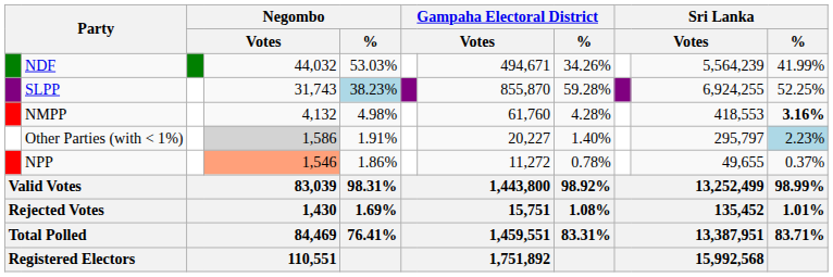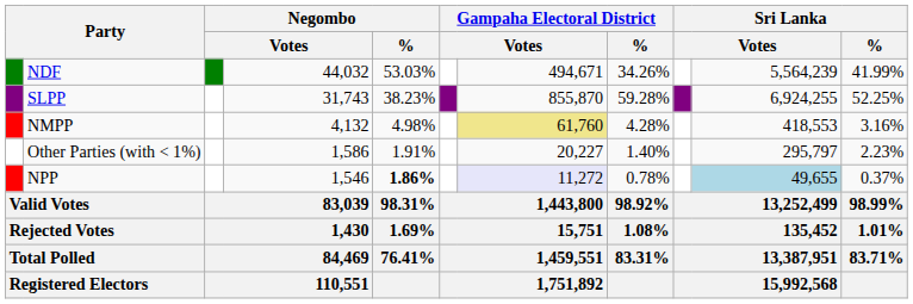 <table class="wikitable">
 <tr>
 <th colspan="2" width="144px"rowspan="2">Party</th>
 <th colspan="3" width="216px">Negombo</th>
 <th colspan="3" width="216px"><a href='#'>Gampaha Electoral District</a></th>
 <th colspan="3" width="216px">Sri Lanka</th>
 </tr>
 <tr>
 <th colspan="2" width="144px">Votes</th>
 <th>%</th>
 <th colspan="2" width="144px">Votes</th>
 <th>%</th>
 <th colspan="2" width="144px">Votes</th>
 <th>%</th>
 </tr>
 <tr>
 <td style="background-color:green;" width="10px"></td>
 <td style="text-align:left;"><a href='#'>NDF</a></td>
 <td style="background-color:green;" width="10px"></td>
 <td style="text-align:right;">44,032</td>
 <td style="text-align:right;">53.03%</td>
 <td style="background-color:white;" width="10px"></td>
 <td style="text-align:right;">494,671</td>
 <td style="text-align:right;">34.26%</td>
 <td style="background-color:white;" width="10px"></td>
 <td style="text-align:right;">5,564,239</td>
 <td style="text-align:right;">41.99%</td>
 </tr>
 <tr>
 <td style="background-color:purple;" width="10px"></td>
 <td style="text-align:left;"><a href='#'>SLPP</a></td>
 <td style="background-color:white;" width="10px"></td>
 <td style="text-align:right;">31,743</td>
-<td style="background: lightblue; text-align:right;">38.23%</td>
+<td style="text-align:right;">38.23%</td>
 <td style="background-color:purple;" width="10px"></td>
 <td style="text-align:right;">855,870</td>
 <td style="text-align:right;">59.28%</td>
 <td style="background-color:purple;" width="10px"></td>
 <td style="text-align:right;">6,924,255</td>
 <td style="text-align:right;">52.25%</td>
 </tr>
 <tr>
 <td style="background-color:red;" width="10px"></td>
 <td style="text-align:left;">NMPP</td>
 <td style="background-color:white;" width="10px"></td>
 <td style="text-align:right;">4,132</td>
 <td style="text-align:right;">4.98%</td>
 <td style="background-color:white;" width="10px"></td>
-<td style="text-align:right;">61,760</td>
+<td style="background: khaki; text-align:right;">61,760</td>
 <td style="text-align:right;">4.28%</td>
 <td style="background-color:white;" width="10px"></td>
 <td style="text-align:right;">418,553</td>
-<td style="text-align:right;"><strong>3.16%</strong></td>
+<td style="text-align:right;">3.16%</td>
 </tr>
 <tr>
 <td style="background-color:white;" width="10px"></td>
 <td style="text-align:left;">Other Parties (with < 1%)</td>
 <td style="background-color:white;" width="10px"></td>
-<td style="background: lightgrey; text-align:right;">1,586</td>
+<td style="text-align:right;">1,586</td>
 <td style="text-align:right;">1.91%</td>
 <td style="background-color:white;" width="10px"></td>
 <td style="text-align:right;">20,227</td>
 <td style="text-align:right;">1.40%</td>
 <td style="background-color:white;" width="10px"></td>
 <td style="text-align:right;">295,797</td>
-<td style="background: lightblue; text-align:right;">2.23%</td>
+<td style="text-align:right;">2.23%</td>
 </tr>
 <tr>
 <td style="background-color:red;" width="10px"></td>
 <td style="text-align:left;">NPP</td>
 <td style="background-color:white;" width="10px"></td>
-<td style="background: lightsalmon; text-align:right;">1,546</td>
-<td style="text-align:right;">1.86%</td>
+<td style="text-align:right;">1,546</td>
+<td style="text-align:right;"><strong>1.86%</strong></td>
 <td style="background-color:white;" width="10px"></td>
-<td style="text-align:right;">11,272</td>
+<td style="background: lavender; text-align:right;">11,272</td>
 <td style="text-align:right;">0.78%</td>
 <td style="background-color:white;" width="10px"></td>
-<td style="text-align:right;">49,655</td>
+<td style="background: lightblue; text-align:right;">49,655</td>
 <td style="text-align:right;">0.37%</td>
 </tr>
 <tr>
 <th colspan="2" width="144px"style="text-align:left;">Valid Votes</th>
 <th style="text-align:right;"colspan="2" width="144px">83,039</th>
 <th style="text-align:right;">98.31%</th>
 <th style="text-align:right;"colspan="2" width="144px">1,443,800</th>
 <th style="text-align:right;">98.92%</th>
 <th style="text-align:right;"colspan="2" width="144px">13,252,499</th>
 <th style="text-align:right;">98.99%</th>
 </tr>
 <tr>
 <th colspan="2" width="144px"style="text-align:left;">Rejected Votes</th>
 <th style="text-align:right;"colspan="2" width="144px">1,430</th>
 <th style="text-align:right;">1.69%</th>
 <th style="text-align:right;"colspan="2" width="144px">15,751</th>
 <th style="text-align:right;">1.08%</th>
 <th style="text-align:right;"colspan="2" width="144px">135,452</th>
 <th style="text-align:right;">1.01%</th>
 </tr>
 <tr>
 <th colspan="2" width="144px"style="text-align:left;">Total Polled</th>
 <th style="text-align:right;"colspan="2" width="144px">84,469</th>
 <th style="text-align:right;">76.41%</th>
 <th style="text-align:right;"colspan="2" width="144px">1,459,551</th>
 <th style="text-align:right;">83.31%</th>
 <th style="text-align:right;"colspan="2" width="144px">13,387,951</th>
 <th style="text-align:right;">83.71%</th>
 </tr>
 <tr>
 <th colspan="2" width="144px"style="text-align:left;">Registered Electors</th>
 <th style="text-align:right;"colspan="2" width="144px">110,551</th>
 <th></th>
 <th style="text-align:right;"colspan="2" width="144px">1,751,892</th>
 <th></th>
 <th style="text-align:right;"colspan="2" width="144px">15,992,568</th>
 <th></th>
 </tr>
 </table>
